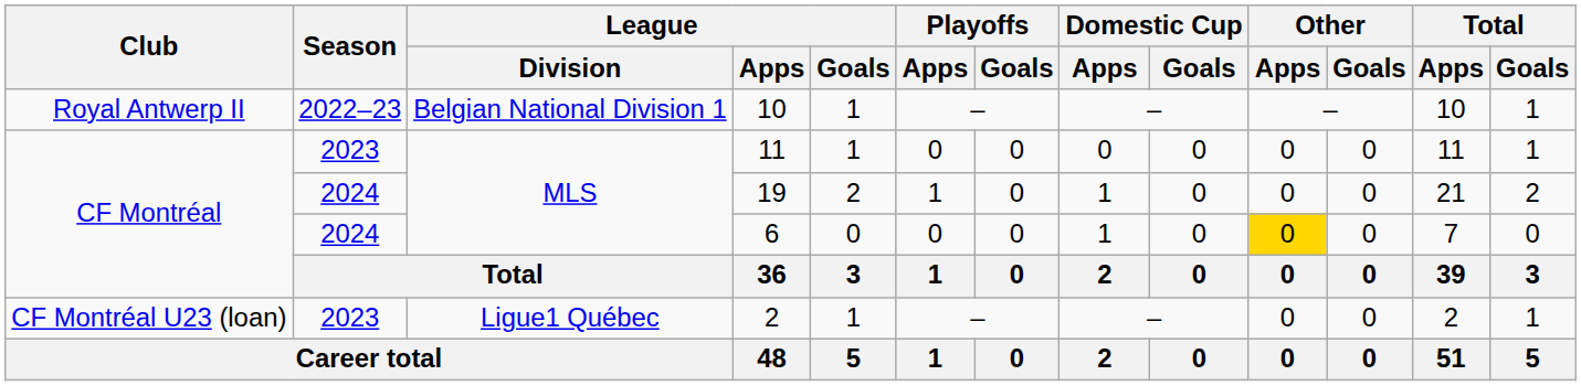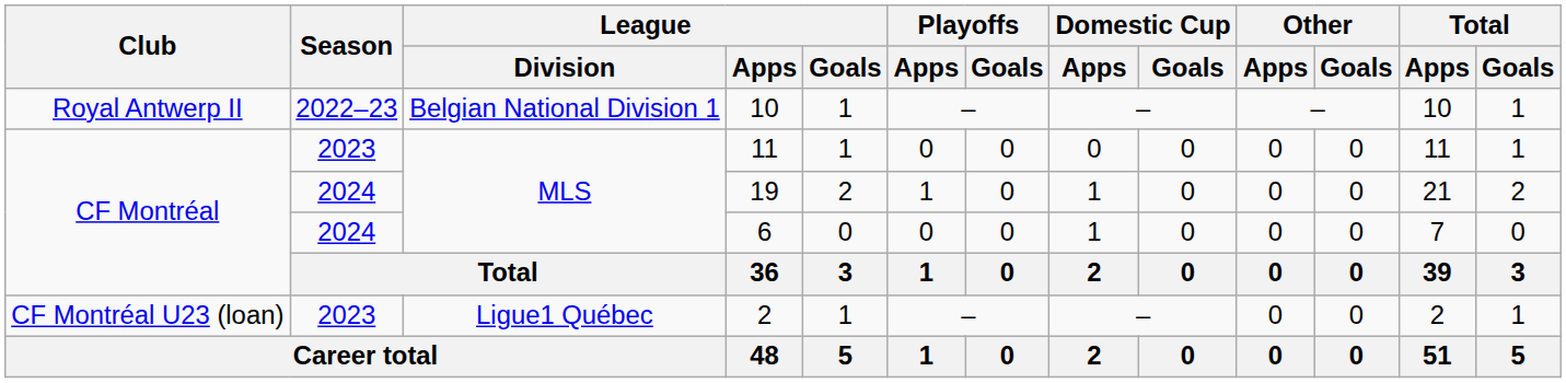 <table class="wikitable" style="text-align: center">
 <tr>
 <th rowspan="2">Club</th>
 <th rowspan="2">Season</th>
 <th colspan="3">League</th>
 <th colspan="2">Playoffs</th>
 <th colspan="2">Domestic Cup</th>
 <th colspan="2">Other</th>
 <th colspan="2">Total</th>
 </tr>
 <tr>
 <th>Division</th>
 <th>Apps</th>
 <th>Goals</th>
 <th>Apps</th>
 <th>Goals</th>
 <th>Apps</th>
 <th>Goals</th>
 <th>Apps</th>
 <th>Goals</th>
 <th>Apps</th>
 <th>Goals</th>
 </tr>
 <tr>
 <td><a href='#'>Royal Antwerp II</a></td>
 <td><a href='#'>2022–23</a></td>
 <td><a href='#'>Belgian National Division 1</a></td>
 <td>10</td>
 <td>1</td>
 <td colspan="2">–</td>
 <td colspan="2">–</td>
 <td colspan="2">–</td>
 <td>10</td>
 <td>1</td>
 </tr>
 <tr>
 <td rowspan="4"><a href='#'>CF Montréal</a></td>
 <td><a href='#'>2023</a></td>
 <td rowspan="3"><a href='#'>MLS</a></td>
 <td>11</td>
 <td>1</td>
 <td>0</td>
 <td>0</td>
 <td>0</td>
 <td>0</td>
 <td>0</td>
 <td>0</td>
 <td>11</td>
 <td>1</td>
 </tr>
 <tr>
 <td><a href='#'>2024</a></td>
 <td>19</td>
 <td>2</td>
 <td>1</td>
 <td>0</td>
 <td>1</td>
 <td>0</td>
 <td>0</td>
 <td>0</td>
 <td>21</td>
 <td>2</td>
 </tr>
 <tr>
 <td><a href='#'>2024</a></td>
 <td>6</td>
 <td>0</td>
 <td>0</td>
 <td>0</td>
 <td>1</td>
 <td>0</td>
-<td style="background: gold;">0</td>
+<td>0</td>
 <td>0</td>
 <td>7</td>
 <td>0</td>
 </tr>
 <tr>
 <th colspan="2"><strong>Total</strong></th>
 <th>36</th>
 <th>3</th>
 <th>1</th>
 <th>0</th>
 <th>2</th>
 <th>0</th>
 <th>0</th>
 <th>0</th>
 <th>39</th>
 <th>3</th>
 </tr>
 <tr>
 <td><a href='#'>CF Montréal U23</a> (loan)</td>
 <td><a href='#'>2023</a></td>
 <td><a href='#'>Ligue1 Québec</a></td>
 <td>2</td>
 <td>1</td>
 <td colspan="2">–</td>
 <td colspan="2">–</td>
 <td>0</td>
 <td>0</td>
 <td>2</td>
 <td>1</td>
 </tr>
 <tr>
 <th colspan="3"><strong>Career total</strong></th>
 <th>48</th>
 <th>5</th>
 <th>1</th>
 <th>0</th>
 <th>2</th>
 <th>0</th>
 <th>0</th>
 <th>0</th>
 <th>51</th>
 <th>5</th>
 </tr>
 </table>
